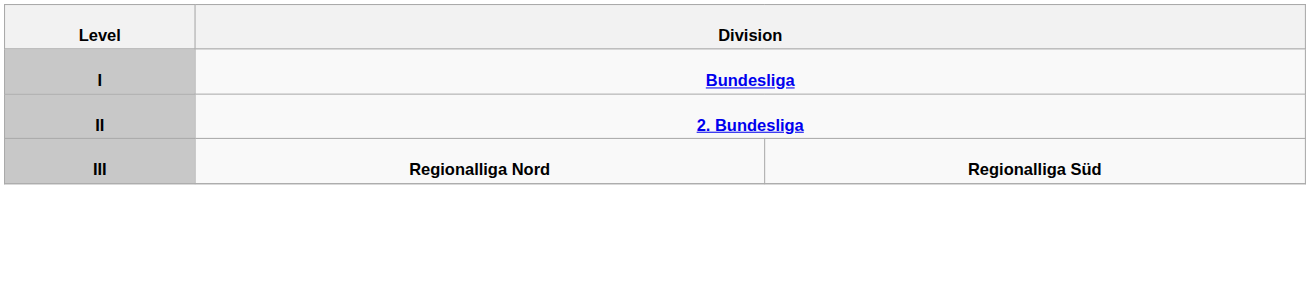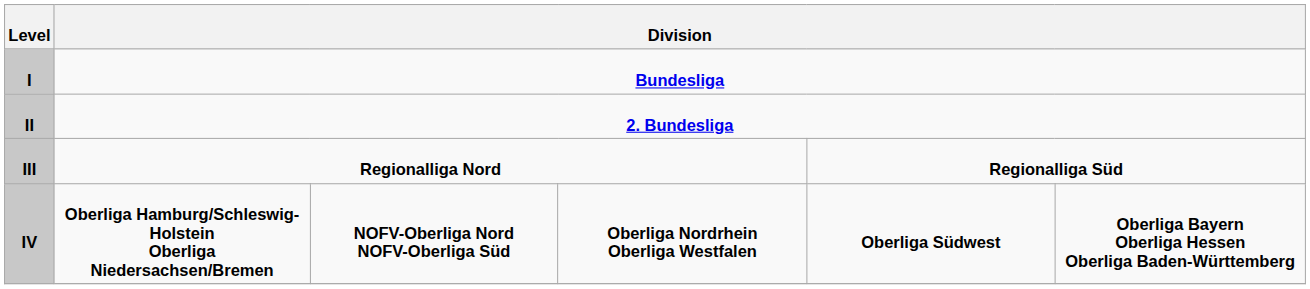 <table class="wikitable" style="text-align:center" height="30" width="100%">
 <tr style="background:#c8c8c8">
 <th colspan="1" height="30"><br>Level</th>
 <th colspan="5"><br>Division</th>
 </tr>
 <tr>
 <td colspan="1" style="background:#c8c8c8"><br><strong>I</strong></td>
 <td colspan="5"><br><strong><a href='#'>Bundesliga</a></strong></td>
 </tr>
 <tr>
 <td colspan="1" style="background:#c8c8c8"><br><strong>II</strong></td>
 <td colspan="5"><br><strong><a href='#'>2. Bundesliga</a></strong></td>
 </tr>
 <tr>
 <td colspan="1" style="background:#c8c8c8"><br><strong>III</strong></td>
 <td colspan="3"><br><strong>Regionalliga Nord</strong></td>
 <td colspan="2"><br><strong>Regionalliga Süd</strong></td>
 </tr>
 <tr>
+<td colspan="1" style="background:#c8c8c8"><br><strong>IV</strong></td>
+<td colspan="1" width="20%"><br><strong>Oberliga Hamburg/Schleswig-Holstein</strong><br> <strong>Oberliga Niedersachsen/Bremen</strong></td>
+<td colspan="1" width="20%"><br><strong>NOFV-Oberliga Nord</strong><br> <strong>NOFV-Oberliga Süd</strong></td>
+<td colspan="1" width="20%"><br><strong>Oberliga Nordrhein</strong><br> <strong>Oberliga Westfalen</strong></td>
+<td colspan="1" width="20%"><br><strong>Oberliga Südwest</strong></td>
+<td colspan="1" width="20%"><br><strong>Oberliga Bayern</strong><br> <strong>Oberliga Hessen</strong><br> <strong>Oberliga Baden-Württemberg</strong></td>
+</tr>
+<tr>
 </tr>
 </table>
